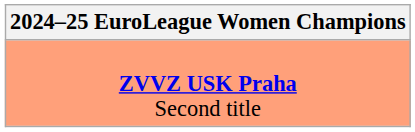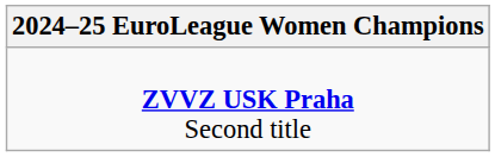 <table class=wikitable style="text-align:center; margin:auto">
 <tr>
 <th>2024–25 EuroLeague Women Champions</th>
 </tr>
 <tr>
-<td style="background: lightsalmon;"> <br><strong><a href='#'>ZVVZ USK Praha</a></strong><br> Second title</td>
+<td> <br><strong><a href='#'>ZVVZ USK Praha</a></strong><br> Second title</td>
 </tr>
 </table>
